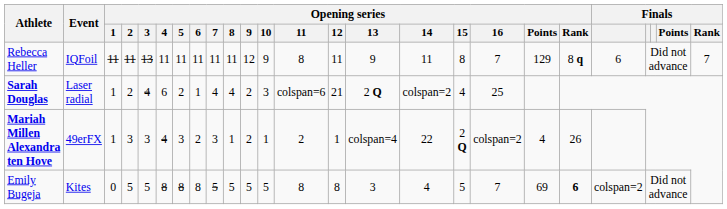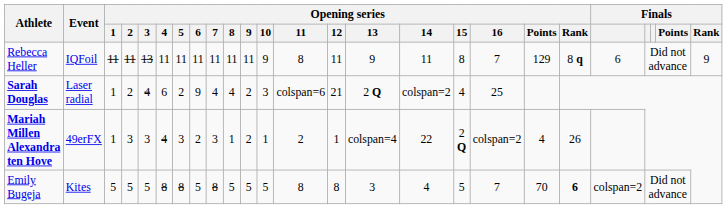 <table class=wikitable style=font-size:90%;text-align:center>
 <tr>
 <th rowspan=2>Athlete</th>
 <th rowspan=2>Event</th>
 <th colspan=18>Opening series</th>
 <th colspan=5>Finals</th>
 </tr>
 <tr style=font-size:95%>
 <th>1</th>
 <th>2</th>
 <th>3</th>
 <th>4</th>
 <th>5</th>
 <th>6</th>
 <th>7</th>
 <th>8</th>
 <th>9</th>
 <th>10</th>
 <th>11</th>
 <th>12</th>
 <th>13</th>
 <th>14</th>
 <th>15</th>
 <th>16</th>
 <th>Points</th>
 <th>Rank</th>
 <th></th>
 <th></th>
 <th> </th>
 <th>Points</th>
 <th>Rank</th>
 </tr>
 <tr>
 <td align=left><a href='#'>Rebecca Heller</a></td>
 <td align=left><a href='#'>IQFoil</a></td>
 <td><s>11<br></s></td>
 <td><s>11<br></s></td>
 <td><s>13<br></s></td>
 <td>11<br></td>
 <td>11<br></td>
 <td>11<br></td>
 <td>11<br></td>
 <td>11<br></td>
-<td>12<br></td>
+<td>11<br></td>
 <td>9<br></td>
 <td>8</td>
 <td>11<br></td>
 <td>9<br></td>
 <td>11<br></td>
 <td>8</td>
 <td>7</td>
 <td>129</td>
 <td>8 <strong>q</strong></td>
 <td>6</td>
 <td colspan=3>Did not advance</td>
-<td>7</td>
+<td>9</td>
 </tr>
 <tr>
 <td align="left"><strong><a href='#'>Sarah Douglas</a></strong></td>
 <td align="left"><a href='#'>Laser radial</a></td>
 <td>1</td>
 <td>2</td>
 <td><s>4</s></td>
 <td>6</td>
 <td>2</td>
-<td>1</td>
+<td>9</td>
 <td>4</td>
 <td>4</td>
 <td>2</td>
 <td>3</td>
 <td>colspan=6 </td>
 <td>21</td>
 <td>2 <strong>Q</strong></td>
 <td>colspan=2 </td>
 <td>4</td>
 <td>25</td>
 <td></td>
 </tr>
 <tr>
 <td align=left><strong><a href='#'>Mariah Millen</a><br><a href='#'>Alexandra ten Hove</a></strong></td>
 <td align=left><a href='#'>49erFX</a></td>
 <td>1</td>
 <td>3</td>
 <td>3</td>
 <td><s>4</s></td>
 <td>3</td>
 <td>2</td>
 <td>3</td>
 <td>1</td>
 <td>2</td>
 <td>1</td>
 <td>2</td>
 <td>1</td>
 <td>colspan=4 </td>
 <td>22</td>
 <td>2 <strong>Q</strong></td>
 <td>colspan=2 </td>
 <td>4</td>
 <td>26</td>
 <td></td>
 </tr>
 <tr>
 <td align=left><a href='#'>Emily Bugeja</a></td>
 <td align=left><a href='#'>Kites</a></td>
-<td>0</td>
+<td>5</td>
 <td>5</td>
 <td>5</td>
 <td><s>8<br></s></td>
 <td><s>8<br></s></td>
-<td>8</td>
-<td><s>5<br></s></td>
+<td>5</td>
+<td><s>8<br></s></td>
 <td>5</td>
 <td>5</td>
 <td>5</td>
 <td>8<br></td>
 <td>8<br></td>
 <td>3</td>
 <td>4</td>
 <td>5</td>
 <td>7</td>
-<td>69</td>
+<td>70</td>
 <td><strong>6</strong></td>
 <td>colspan=2 </td>
 <td colspan=3>Did not advance</td>
 </tr>
 </table>
